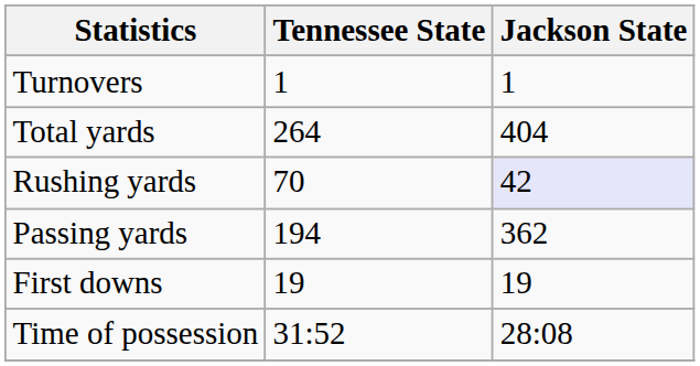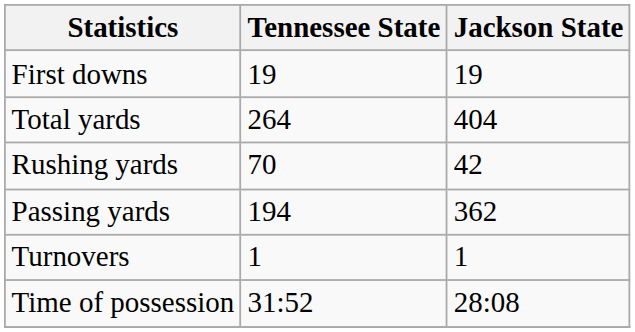 <table class="wikitable">
 <tr>
 <th>Statistics</th>
 <th>Tennessee State</th>
 <th>Jackson State</th>
 </tr>
 <tr>
-<td>Turnovers</td>
-<td>1</td>
-<td>1</td>
+<td>First downs</td>
+<td>19</td>
+<td>19</td>
 </tr>
 <tr>
 <td>Total yards</td>
 <td>264</td>
 <td>404</td>
 </tr>
 <tr>
 <td>Rushing yards</td>
 <td>70</td>
-<td style="background: lavender;">42</td>
+<td>42</td>
 </tr>
 <tr>
 <td>Passing yards</td>
 <td>194</td>
 <td>362</td>
 </tr>
 <tr>
-<td>First downs</td>
-<td>19</td>
-<td>19</td>
+<td>Turnovers</td>
+<td>1</td>
+<td>1</td>
 </tr>
 <tr>
 <td>Time of possession</td>
 <td>31:52</td>
 <td>28:08</td>
 </tr>
 <tr>
 </tr>
 </table>
